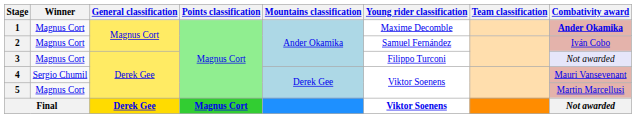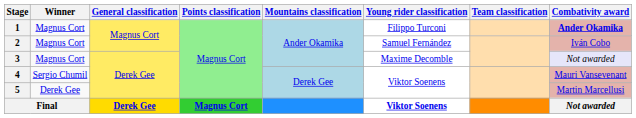 <table class="wikitable" style="text-align: center; font-size:smaller;">
 <tr>
 <th>Stage</th>
 <th>Winner</th>
 <th><a href='#'>General classification</a><br></th>
 <th><a href='#'>Points classification</a><br></th>
 <th><a href='#'>Mountains classification</a><br></th>
 <th><a href='#'>Young rider classification</a><br></th>
 <th><a href='#'>Team classification</a></th>
 <th><a href='#'>Combativity award</a></th>
 </tr>
 <tr>
 <th>1</th>
 <td><a href='#'>Magnus Cort</a></td>
 <td style="background:#FFEB64;" rowspan="2"><a href='#'>Magnus Cort</a></td>
 <td style="background:lightgreen;" rowspan="5"><a href='#'>Magnus Cort</a></td>
 <td style="background:lightblue;" rowspan="3"><a href='#'>Ander Okamika</a></td>
-<td style="background:white;"><a href='#'>Maxime Decomble</a></td>
+<td style="background:white;"><a href='#'>Filippo Turconi</a></td>
 <td style="background:navajowhite;"></td>
 <td style="background:#E4B3AB;"><strong><a href='#'>Ander Okamika</a></strong></td>
 </tr>
 <tr>
 <th>2</th>
 <td><a href='#'>Magnus Cort</a></td>
 <td style="background:white;"><a href='#'>Samuel Fernández</a></td>
 <td style="background:navajowhite;" rowspan="2"></td>
 <td style="background:#E4B3AB;"><a href='#'>Iván Cobo</a></td>
 </tr>
 <tr>
 <th>3</th>
 <td><a href='#'>Magnus Cort</a></td>
 <td style="background:#FFEB64;" rowspan="3"><a href='#'>Derek Gee</a></td>
-<td style="background:white;"><a href='#'>Filippo Turconi</a></td>
+<td style="background:white;"><a href='#'>Maxime Decomble</a></td>
 <td style="background: lavender;"><em>Not awarded</em></td>
 </tr>
 <tr>
 <th>4</th>
 <td><a href='#'>Sergio Chumil</a></td>
 <td style="background:lightblue;" rowspan="2"><a href='#'>Derek Gee</a></td>
 <td style="background:white;" rowspan="2"><a href='#'>Viktor Soenens</a></td>
 <td style="background:navajowhite;" rowspan="2"></td>
 <td style="background:#E4B3AB;"><a href='#'>Mauri Vansevenant</a></td>
 </tr>
 <tr>
 <th>5</th>
-<td><a href='#'>Magnus Cort</a></td>
+<td><a href='#'>Derek Gee</a></td>
 <td style="background:#E4B3AB;"><a href='#'>Martin Marcellusi</a></td>
 </tr>
 <tr>
 <th colspan="2">Final</th>
 <th style="background:#FFDB00;"><a href='#'>Derek Gee</a></th>
 <th style="background:limegreen;"><a href='#'>Magnus Cort</a></th>
 <th style="background:dodgerblue;"></th>
 <th style="background:white;"><a href='#'>Viktor Soenens</a></th>
 <th style="background:#FF8C00;"></th>
 <th><em>Not awarded</em></th>
 </tr>
 </table>
